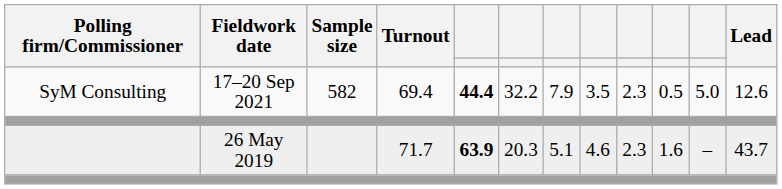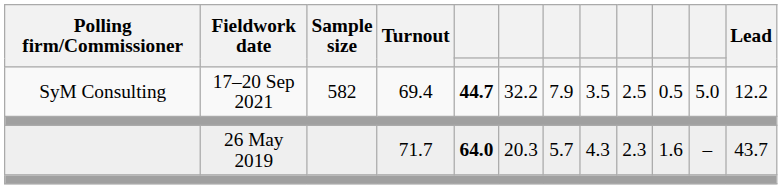 <table class="wikitable collapsible collapsed" style="text-align:center; font-size:95%; line-height:16px;">
 <tr style="height:42px;">
 <th style="width:250px;" rowspan="2">Polling firm/Commissioner</th>
 <th style="width:125px;" rowspan="2">Fieldwork date</th>
 <th style="width:50px;" rowspan="2">Sample size</th>
 <th style="width:45px;" rowspan="2">Turnout</th>
 <th style="width:35px;"></th>
 <th style="width:35px;"></th>
 <th style="width:35px;"></th>
 <th style="width:35px;"></th>
 <th style="width:35px;"></th>
 <th style="width:35px;"></th>
 <th style="width:35px;"></th>
 <th style="width:30px;" rowspan="2">Lead</th>
 </tr>
 <tr>
 <th style="color:inherit;background:"></th>
 <th style="color:inherit;background:"></th>
 <th style="color:inherit;background:"></th>
 <th style="color:inherit;background:"></th>
 <th style="color:inherit;background:"></th>
 <th style="color:inherit;background:"></th>
 <th style="color:inherit;background:"></th>
 </tr>
 <tr>
 <td>SyM Consulting</td>
 <td>17–20 Sep 2021</td>
 <td>582</td>
 <td>69.4</td>
-<td><strong>44.4</strong><br></td>
+<td><strong>44.7</strong><br></td>
 <td>32.2<br></td>
 <td>7.9<br></td>
 <td>3.5<br></td>
-<td>2.3<br></td>
+<td>2.5<br></td>
 <td>0.5<br></td>
 <td>5.0<br></td>
-<td style="background:">12.6</td>
+<td style="background:">12.2</td>
 </tr>
 <tr>
 <td colspan="12" style="background:#A0A0A0"></td>
 </tr>
 <tr style="background:#EFEFEF;">
 <td><strong></strong></td>
 <td>26 May 2019</td>
 <td></td>
 <td>71.7</td>
-<td><strong>63.9</strong><br></td>
+<td><strong>64.0</strong><br></td>
 <td>20.3<br></td>
-<td>5.1<br></td>
-<td>4.6<br></td>
+<td>5.7<br></td>
+<td>4.3<br></td>
 <td>2.3<br></td>
 <td>1.6<br></td>
 <td>–</td>
 <td style="background:">43.7</td>
 </tr>
 <tr>
 <td colspan="12" style="background:#A0A0A0"></td>
 </tr>
 </table>
